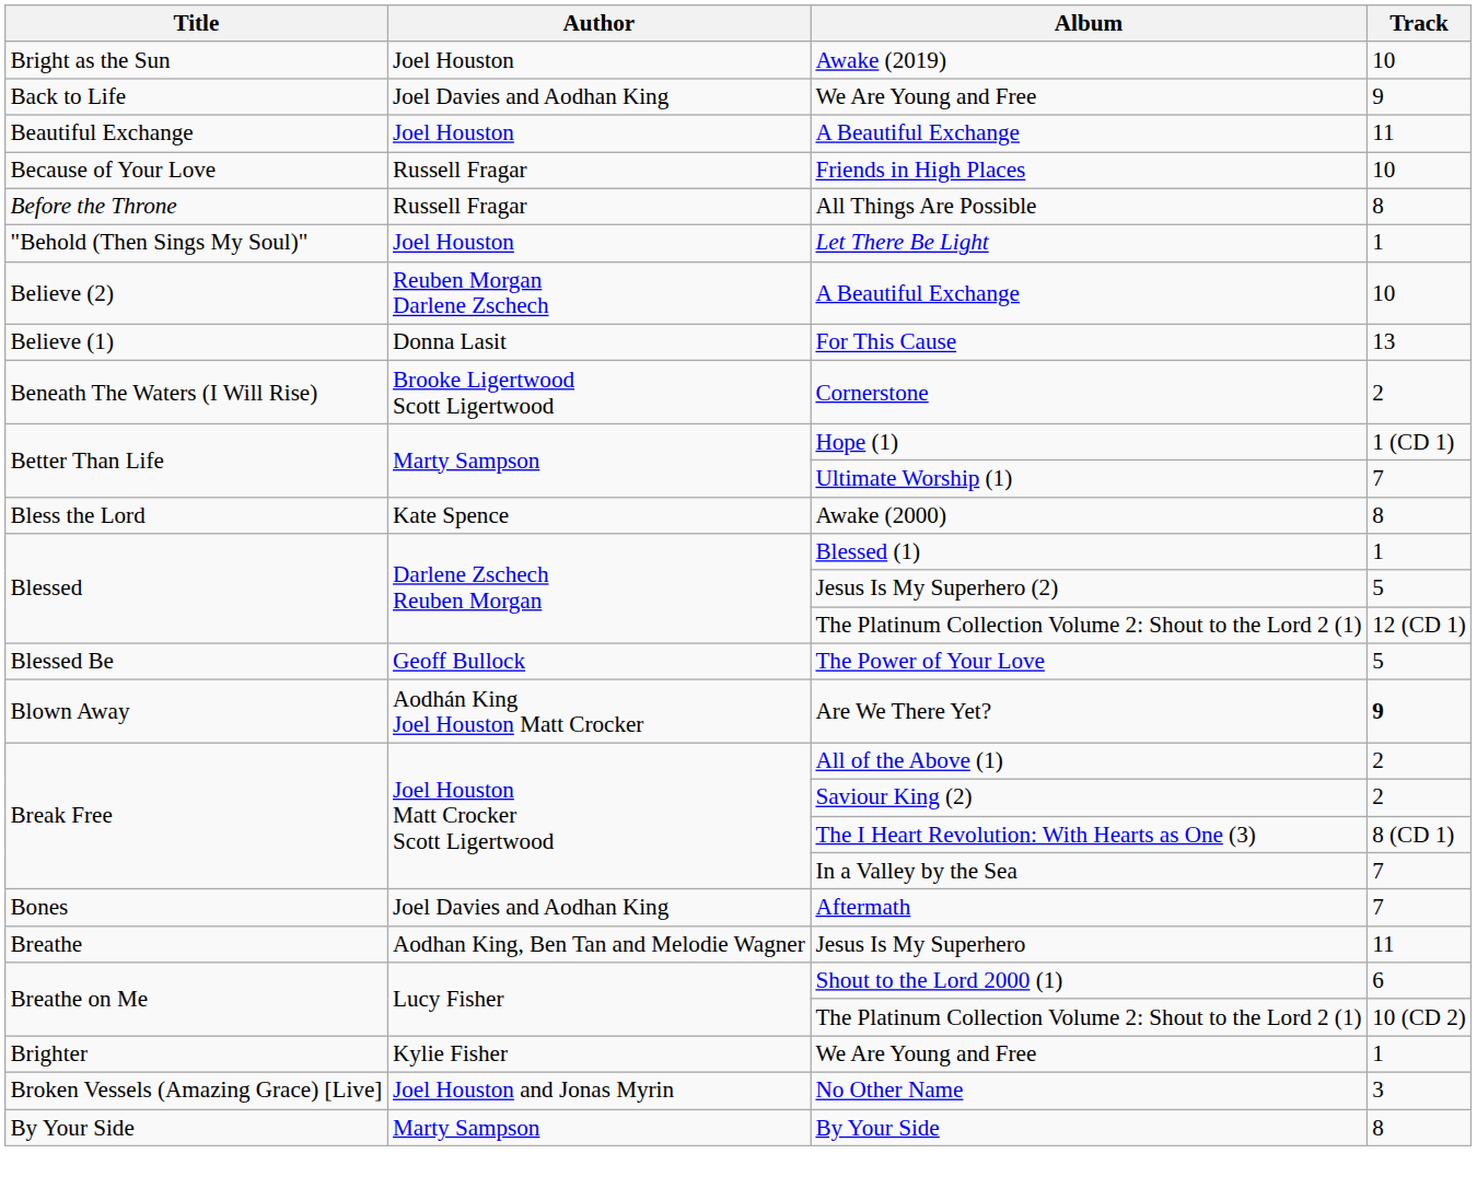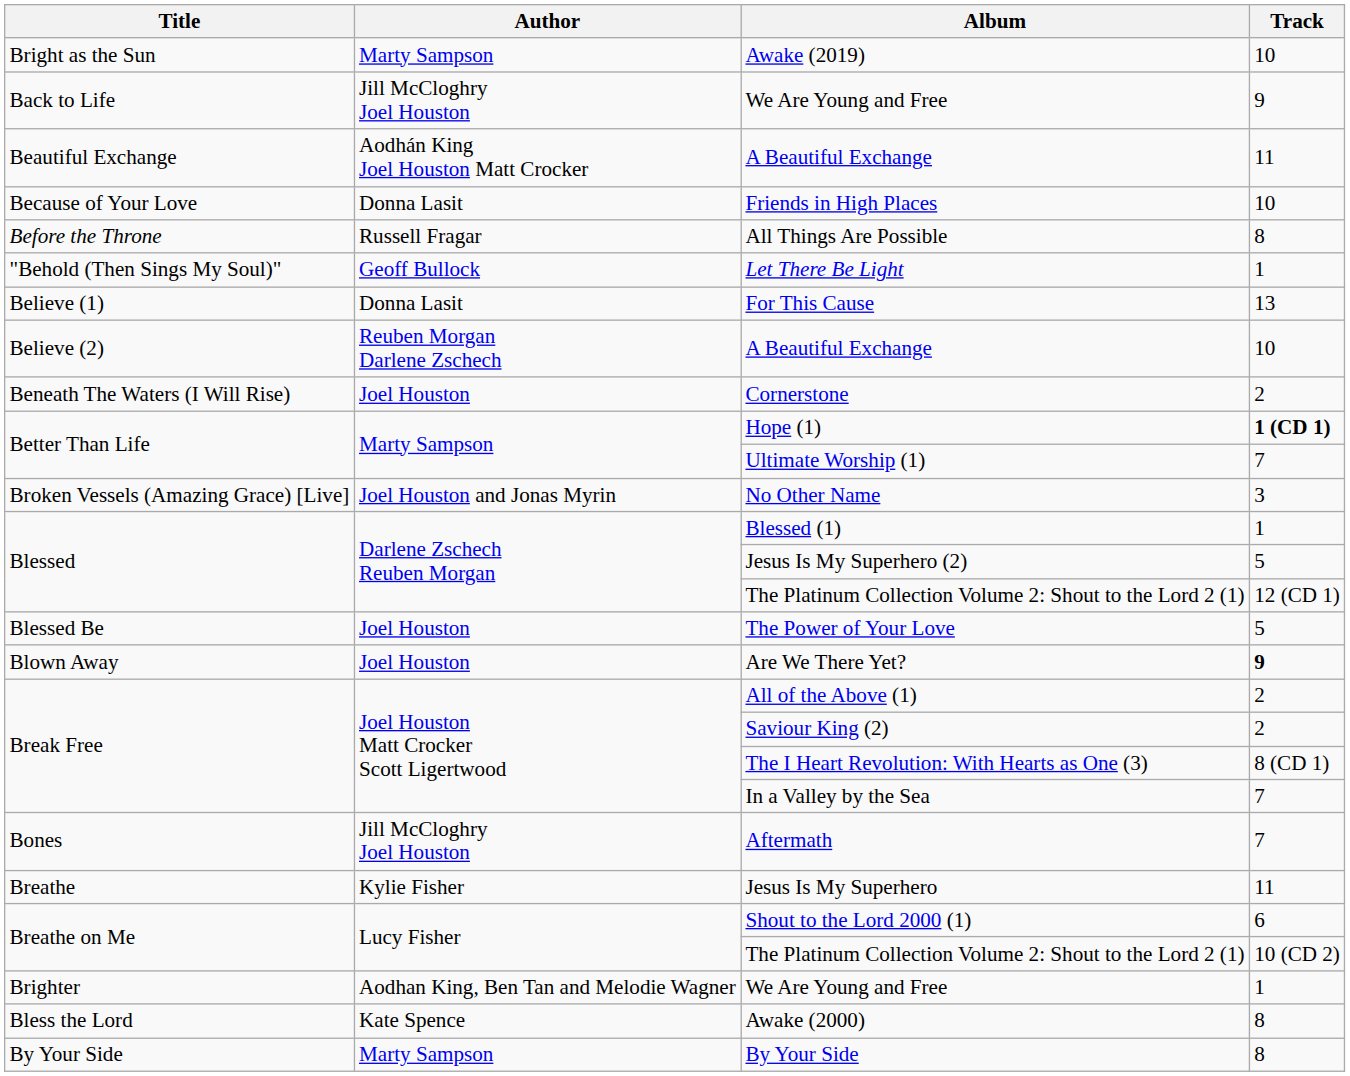 <table class="wikitable">
 <tr>
 <th>Title</th>
 <th>Author</th>
 <th>Album</th>
 <th>Track</th>
 </tr>
 <tr>
 <td>Bright as the Sun</td>
-<td>Joel Houston</td>
+<td><a href='#'>Marty Sampson</a></td>
 <td><a href='#'>Awake</a> (2019)</td>
 <td>10</td>
 </tr>
 <tr>
 <td>Back to Life</td>
-<td>Joel Davies and Aodhan King</td>
+<td>Jill McCloghry <br> <a href='#'>Joel Houston</a></td>
 <td>We Are Young and Free</td>
 <td>9</td>
 </tr>
 <tr>
 <td>Beautiful Exchange</td>
-<td><a href='#'>Joel Houston</a></td>
+<td>Aodhán King<br><a href='#'>Joel Houston</a> Matt Crocker</td>
 <td><a href='#'>A Beautiful Exchange</a></td>
 <td>11</td>
 </tr>
 <tr>
 <td>Because of Your Love</td>
-<td>Russell Fragar</td>
+<td>Donna Lasit</td>
 <td><a href='#'>Friends in High Places</a></td>
 <td>10</td>
 </tr>
 <tr>
 <td><em>Before the Throne</em></td>
 <td>Russell Fragar</td>
 <td>All Things Are Possible</td>
 <td>8</td>
 </tr>
 <tr>
 <td>"Behold (Then Sings My Soul)"</td>
-<td><a href='#'>Joel Houston</a></td>
+<td><a href='#'>Geoff Bullock</a></td>
 <td><em><a href='#'>Let There Be Light</a></em></td>
 <td>1</td>
+</tr>
+<tr>
+<td>Believe (1)</td>
+<td>Donna Lasit</td>
+<td><a href='#'>For This Cause</a></td>
+<td>13</td>
 </tr>
 <tr>
 <td>Believe (2)</td>
 <td><a href='#'>Reuben Morgan</a> <br> <a href='#'>Darlene Zschech</a></td>
 <td><a href='#'>A Beautiful Exchange</a></td>
 <td>10</td>
 </tr>
 <tr>
-<td>Believe (1)</td>
-<td>Donna Lasit</td>
-<td><a href='#'>For This Cause</a></td>
-<td>13</td>
-</tr>
-<tr>
 <td>Beneath The Waters (I Will Rise)</td>
-<td><a href='#'>Brooke Ligertwood</a> <br> Scott Ligertwood</td>
+<td><a href='#'>Joel Houston</a></td>
 <td><a href='#'>Cornerstone</a></td>
 <td>2</td>
 </tr>
 <tr>
 <td rowspan="2">Better Than Life</td>
 <td rowspan="2"><a href='#'>Marty Sampson</a></td>
 <td><a href='#'>Hope</a> (1)</td>
-<td>1 (CD 1)</td>
+<td><strong>1 (CD 1)</strong></td>
 </tr>
 <tr>
 <td><a href='#'>Ultimate Worship</a> (1)</td>
 <td>7</td>
 </tr>
 <tr>
-<td>Bless the Lord</td>
-<td>Kate Spence</td>
-<td>Awake (2000)</td>
-<td>8</td>
+<td>Broken Vessels (Amazing Grace) [Live]</td>
+<td><a href='#'>Joel Houston</a> and Jonas Myrin</td>
+<td><a href='#'>No Other Name</a></td>
+<td>3</td>
 </tr>
 <tr>
 <td rowspan="3">Blessed</td>
 <td rowspan="3"><a href='#'>Darlene Zschech</a><br><a href='#'>Reuben Morgan</a></td>
 <td><a href='#'>Blessed</a> (1)</td>
 <td>1</td>
 </tr>
 <tr>
 <td>Jesus Is My Superhero (2)</td>
 <td>5</td>
 </tr>
 <tr>
 <td>The Platinum Collection Volume 2: Shout to the Lord 2 (1)</td>
 <td>12 (CD 1)</td>
 </tr>
 <tr>
 <td>Blessed Be</td>
-<td><a href='#'>Geoff Bullock</a></td>
+<td><a href='#'>Joel Houston</a></td>
 <td><a href='#'>The Power of Your Love</a></td>
 <td>5</td>
 </tr>
 <tr>
 <td>Blown Away</td>
-<td>Aodhán King<br><a href='#'>Joel Houston</a> Matt Crocker</td>
+<td><a href='#'>Joel Houston</a></td>
 <td>Are We There Yet?</td>
 <td><strong>9</strong></td>
 </tr>
 <tr>
 <td rowspan="4">Break Free</td>
 <td rowspan="4"><a href='#'>Joel Houston</a> <br> Matt Crocker <br> Scott Ligertwood</td>
 <td><a href='#'>All of the Above</a> (1)</td>
 <td>2</td>
 </tr>
 <tr>
 <td><a href='#'>Saviour King</a> (2)</td>
 <td>2</td>
 </tr>
 <tr>
 <td><a href='#'>The I Heart Revolution: With Hearts as One</a> (3)</td>
 <td>8 (CD 1)</td>
 </tr>
 <tr>
 <td>In a Valley by the Sea</td>
 <td>7</td>
 </tr>
 <tr>
 <td>Bones</td>
-<td>Joel Davies and Aodhan King</td>
+<td>Jill McCloghry <br> <a href='#'>Joel Houston</a></td>
 <td><a href='#'>Aftermath</a></td>
 <td>7</td>
 </tr>
 <tr>
 <td>Breathe</td>
-<td>Aodhan King, Ben Tan and Melodie Wagner</td>
+<td>Kylie Fisher</td>
 <td>Jesus Is My Superhero</td>
 <td>11</td>
 </tr>
 <tr>
 <td rowspan="2">Breathe on Me</td>
 <td rowspan="2">Lucy Fisher</td>
 <td><a href='#'>Shout to the Lord 2000</a> (1)</td>
 <td>6</td>
 </tr>
 <tr>
 <td>The Platinum Collection Volume 2: Shout to the Lord 2 (1)</td>
 <td>10 (CD 2)</td>
 </tr>
 <tr>
 <td>Brighter</td>
-<td>Kylie Fisher</td>
+<td>Aodhan King, Ben Tan and Melodie Wagner</td>
 <td>We Are Young and Free</td>
 <td>1</td>
 </tr>
 <tr>
-<td>Broken Vessels (Amazing Grace) [Live]</td>
-<td><a href='#'>Joel Houston</a> and Jonas Myrin</td>
-<td><a href='#'>No Other Name</a></td>
-<td>3</td>
+<td>Bless the Lord</td>
+<td>Kate Spence</td>
+<td>Awake (2000)</td>
+<td>8</td>
 </tr>
 <tr>
 <td>By Your Side</td>
 <td><a href='#'>Marty Sampson</a></td>
 <td><a href='#'>By Your Side</a></td>
 <td>8</td>
 </tr>
 </table>
